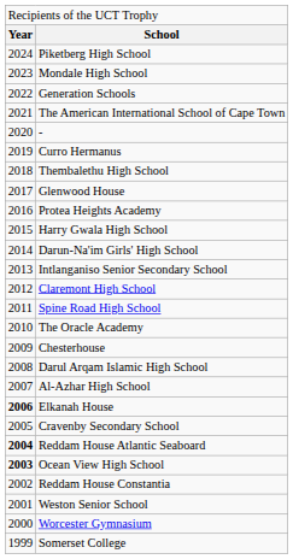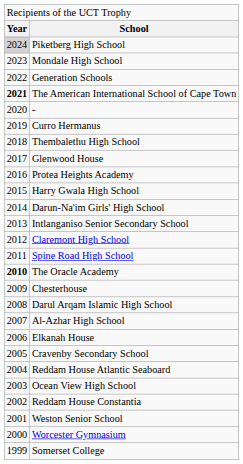 <table class="wikitable sortable">
 <tr>
 <td colspan="3">Recipients of the UCT Trophy</td>
 </tr>
 <tr>
 <th>Year</th>
 <th>School</th>
 </tr>
 <tr>
-<td>2024</td>
+<td style="background: lightgrey;">2024</td>
 <td>Piketberg High School</td>
 </tr>
 <tr>
 <td>2023</td>
 <td>Mondale High School</td>
 </tr>
 <tr>
 <td>2022</td>
 <td>Generation Schools</td>
 </tr>
 <tr>
-<td>2021</td>
+<td><strong>2021</strong></td>
 <td>The American International School of Cape Town</td>
 </tr>
 <tr>
 <td>2020</td>
 <td>-</td>
 </tr>
 <tr>
 <td>2019</td>
 <td>Curro Hermanus</td>
 </tr>
 <tr>
 <td>2018</td>
 <td>Thembalethu High School</td>
 </tr>
 <tr>
 <td>2017</td>
 <td>Glenwood House</td>
 </tr>
 <tr>
 <td>2016</td>
 <td>Protea Heights Academy</td>
 </tr>
 <tr>
 <td>2015</td>
 <td>Harry Gwala High School</td>
 </tr>
 <tr>
 <td>2014</td>
 <td>Darun-Na'im Girls' High School</td>
 </tr>
 <tr>
 <td>2013</td>
 <td>Intlanganiso Senior Secondary School</td>
 </tr>
 <tr>
 <td>2012</td>
 <td><a href='#'>Claremont High School</a></td>
 </tr>
 <tr>
 <td>2011</td>
 <td><a href='#'>Spine Road High School</a></td>
 </tr>
 <tr>
-<td>2010</td>
+<td><strong>2010</strong></td>
 <td>The Oracle Academy</td>
 </tr>
 <tr>
 <td>2009</td>
 <td>Chesterhouse</td>
 </tr>
 <tr>
 <td>2008</td>
 <td>Darul Arqam Islamic High School</td>
 </tr>
 <tr>
 <td>2007</td>
 <td>Al-Azhar High School</td>
 </tr>
 <tr>
-<td><strong>2006</strong></td>
+<td>2006</td>
 <td>Elkanah House</td>
 </tr>
 <tr>
 <td>2005</td>
 <td>Cravenby Secondary School</td>
 </tr>
 <tr>
-<td><strong>2004</strong></td>
+<td>2004</td>
 <td>Reddam House Atlantic Seaboard</td>
 </tr>
 <tr>
-<td><strong>2003</strong></td>
+<td>2003</td>
 <td>Ocean View High School</td>
 </tr>
 <tr>
 <td>2002</td>
 <td>Reddam House Constantia</td>
 </tr>
 <tr>
 <td>2001</td>
 <td>Weston Senior School</td>
 </tr>
 <tr>
 <td>2000</td>
 <td><a href='#'>Worcester Gymnasium</a></td>
 </tr>
 <tr>
 <td>1999</td>
 <td>Somerset College</td>
 </tr>
 </table>
